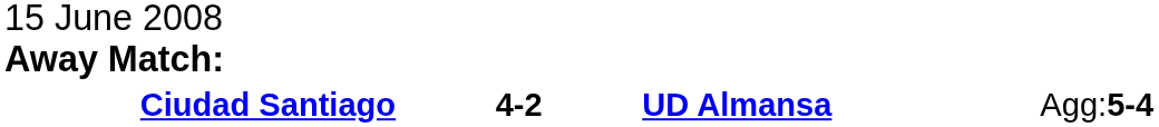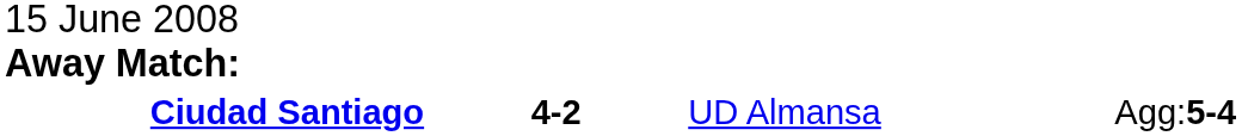 <table width=100% cellspacing=1>
 <tr>
 <th width=20%></th>
 <th width=12%></th>
 <th width=20%></th>
 <th></th>
 </tr>
 <tr>
 <td>15 June 2008<br><strong>Away Match:</strong></td>
 </tr>
 <tr style=font-size:90%>
 <td align=right><strong><a href='#'>Ciudad Santiago</a></strong></td>
 <td align=center><strong>4-2</strong></td>
-<td><strong><a href='#'>UD Almansa</a></strong></td>
+<td><a href='#'>UD Almansa</a></td>
 <td>Agg:<strong>5-4</strong></td>
 </tr>
 </table>
